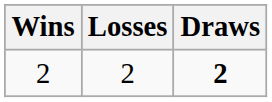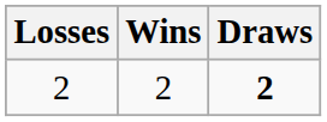 <table class="wikitable">
 <tr>
+<th>Losses</th>
 <th>Wins</th>
-<th>Losses</th>
 <th>Draws</th>
 </tr>
 <tr>
 <td align=center>2</td>
 <td align=center>2</td>
 <td align=center><strong>2</strong></td>
 </tr>
 </table>
